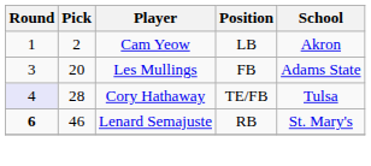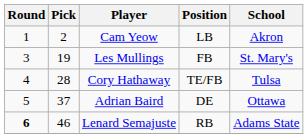 <table class="wikitable" style="font-size: 95%;">
 <tr>
 <th scope="col">Round</th>
 <th scope="col">Pick</th>
 <th scope="col">Player</th>
 <th scope="col">Position</th>
 <th scope="col">School</th>
 </tr>
 <tr align="center">
 <td align=center>1</td>
 <td>2</td>
 <td><a href='#'>Cam Yeow</a></td>
 <td>LB</td>
 <td><a href='#'>Akron</a></td>
 </tr>
 <tr align="center">
 <td align=center>3</td>
-<td>20</td>
+<td>19</td>
 <td><a href='#'>Les Mullings</a></td>
 <td>FB</td>
-<td><a href='#'>Adams State</a></td>
+<td><a href='#'>St. Mary's</a></td>
 </tr>
 <tr align="center">
-<td align=center style="background: lavender;">4</td>
+<td align=center>4</td>
 <td>28</td>
 <td><a href='#'>Cory Hathaway</a></td>
 <td>TE/FB</td>
 <td><a href='#'>Tulsa</a></td>
 </tr>
 <tr align="center">
+<td align=center>5</td>
+<td>37</td>
+<td><a href='#'>Adrian Baird</a></td>
+<td>DE</td>
+<td><a href='#'>Ottawa</a></td>
+</tr>
+<tr align="center">
 <td align=center><strong>6</strong></td>
 <td>46</td>
 <td><a href='#'>Lenard Semajuste</a></td>
 <td>RB</td>
-<td><a href='#'>St. Mary's</a></td>
+<td><a href='#'>Adams State</a></td>
 </tr>
 <tr align="center">
 </tr>
 </table>
